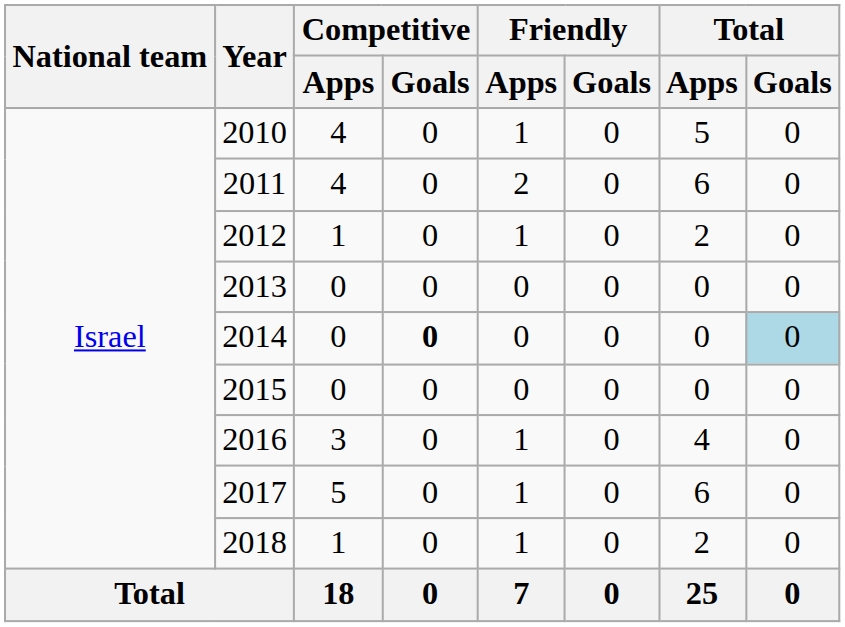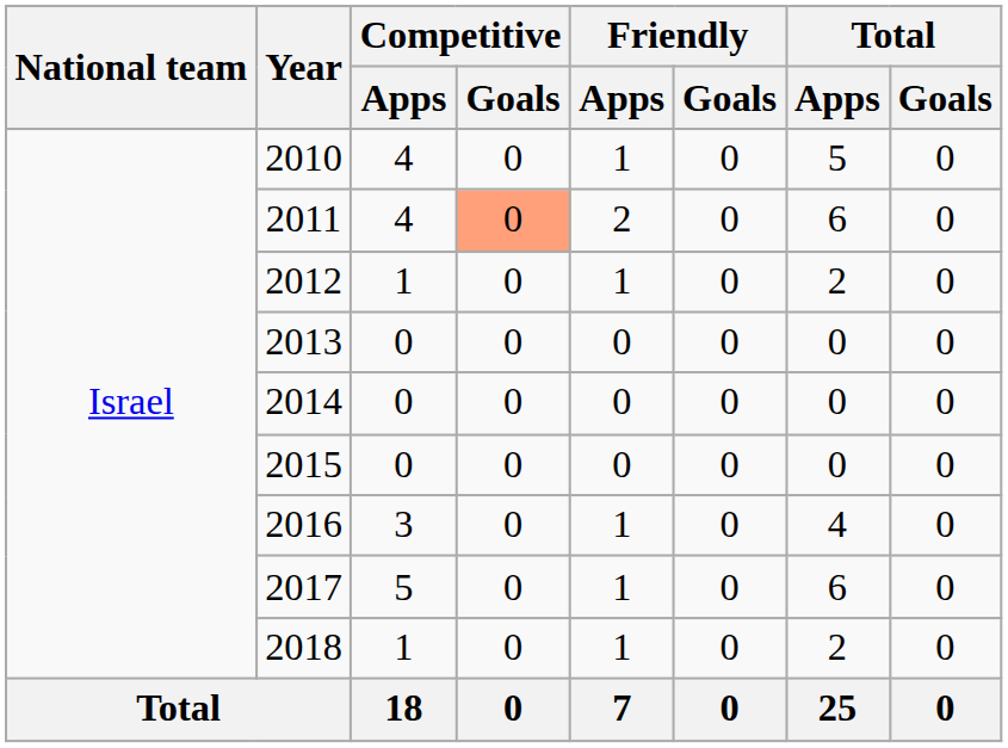 <table class="wikitable" style="text-align:center">
 <tr>
 <th rowspan="2">National team</th>
 <th rowspan="2">Year</th>
 <th colspan="2">Competitive</th>
 <th colspan="2">Friendly</th>
 <th colspan="2">Total</th>
 </tr>
 <tr>
 <th>Apps</th>
 <th>Goals</th>
 <th>Apps</th>
 <th>Goals</th>
 <th>Apps</th>
 <th>Goals</th>
 </tr>
 <tr>
 <td rowspan="9"><a href='#'>Israel</a></td>
 <td>2010</td>
 <td>4</td>
 <td>0</td>
 <td>1</td>
 <td>0</td>
 <td>5</td>
 <td>0</td>
 </tr>
 <tr>
 <td>2011</td>
 <td>4</td>
-<td>0</td>
+<td style="background: lightsalmon;">0</td>
 <td>2</td>
 <td>0</td>
 <td>6</td>
 <td>0</td>
 </tr>
 <tr>
 <td>2012</td>
 <td>1</td>
 <td>0</td>
 <td>1</td>
 <td>0</td>
 <td>2</td>
 <td>0</td>
 </tr>
 <tr>
 <td>2013</td>
 <td>0</td>
 <td>0</td>
 <td>0</td>
 <td>0</td>
 <td>0</td>
 <td>0</td>
 </tr>
 <tr>
 <td>2014</td>
 <td>0</td>
-<td><strong>0</strong></td>
 <td>0</td>
 <td>0</td>
 <td>0</td>
-<td style="background: lightblue;">0</td>
+<td>0</td>
+<td>0</td>
 </tr>
 <tr>
 <td>2015</td>
 <td>0</td>
 <td>0</td>
 <td>0</td>
 <td>0</td>
 <td>0</td>
 <td>0</td>
 </tr>
 <tr>
 <td>2016</td>
 <td>3</td>
 <td>0</td>
 <td>1</td>
 <td>0</td>
 <td>4</td>
 <td>0</td>
 </tr>
 <tr>
 <td>2017</td>
 <td>5</td>
 <td>0</td>
 <td>1</td>
 <td>0</td>
 <td>6</td>
 <td>0</td>
 </tr>
 <tr>
 <td>2018</td>
 <td>1</td>
 <td>0</td>
 <td>1</td>
 <td>0</td>
 <td>2</td>
 <td>0</td>
 </tr>
 <tr>
 <th colspan="2">Total</th>
 <th>18</th>
 <th>0</th>
 <th>7</th>
 <th>0</th>
 <th>25</th>
 <th>0</th>
 </tr>
 </table>
